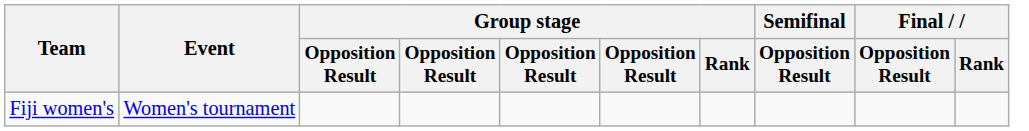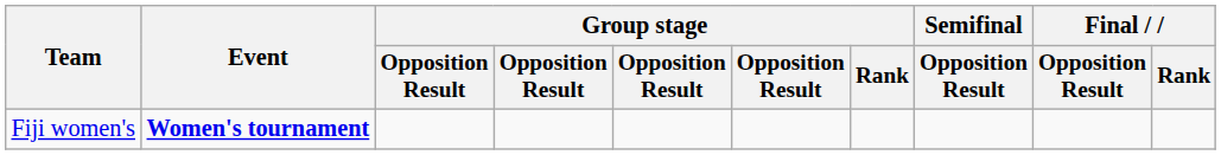 <table class=wikitable style=font-size:90%>
 <tr>
 <th rowspan=2>Team</th>
 <th rowspan=2>Event</th>
 <th colspan=5>Group stage</th>
 <th>Semifinal</th>
 <th colspan=2>Final /  / </th>
 </tr>
 <tr style=font-size:95%>
 <th>Opposition<br>Result</th>
 <th>Opposition<br>Result</th>
 <th>Opposition<br>Result</th>
 <th>Opposition<br>Result</th>
 <th>Rank</th>
 <th>Opposition<br>Result</th>
 <th>Opposition<br>Result</th>
 <th>Rank</th>
 </tr>
 <tr align=center>
 <td align=left><a href='#'>Fiji women's</a></td>
-<td align=left><a href='#'>Women's tournament</a></td>
+<td align=left><strong><a href='#'>Women's tournament</a></strong></td>
 <td><br></td>
 <td><br></td>
 <td><br></td>
 <td></td>
 <td></td>
 <td></td>
 <td></td>
 <td></td>
 </tr>
 </table>
